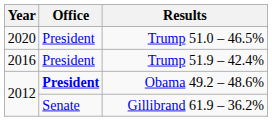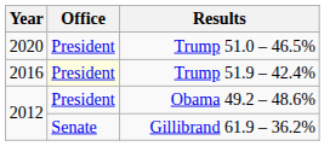 <table class=wikitable>
 <tr>
 <th width="30">Year</th>
 <th width="60">Office</th>
 <th width="180">Results</th>
 </tr>
 <tr>
 <td>2020</td>
 <td><a href='#'>President</a></td>
 <td align="right" ><a href='#'>Trump</a> 51.0 – 46.5%</td>
 </tr>
 <tr>
 <td>2016</td>
-<td><a href='#'>President</a></td>
+<td style="background: lightyellow;"><a href='#'>President</a></td>
 <td align="right" ><a href='#'>Trump</a> 51.9 – 42.4%</td>
 </tr>
 <tr>
 <td rowspan="2">2012</td>
-<td><strong><a href='#'>President</a></strong></td>
+<td><a href='#'>President</a></td>
 <td align="right" ><a href='#'>Obama</a> 49.2 – 48.6%</td>
 </tr>
 <tr>
 <td><a href='#'>Senate</a></td>
 <td align="right" ><a href='#'>Gillibrand</a> 61.9 – 36.2%</td>
 </tr>
 </table>
